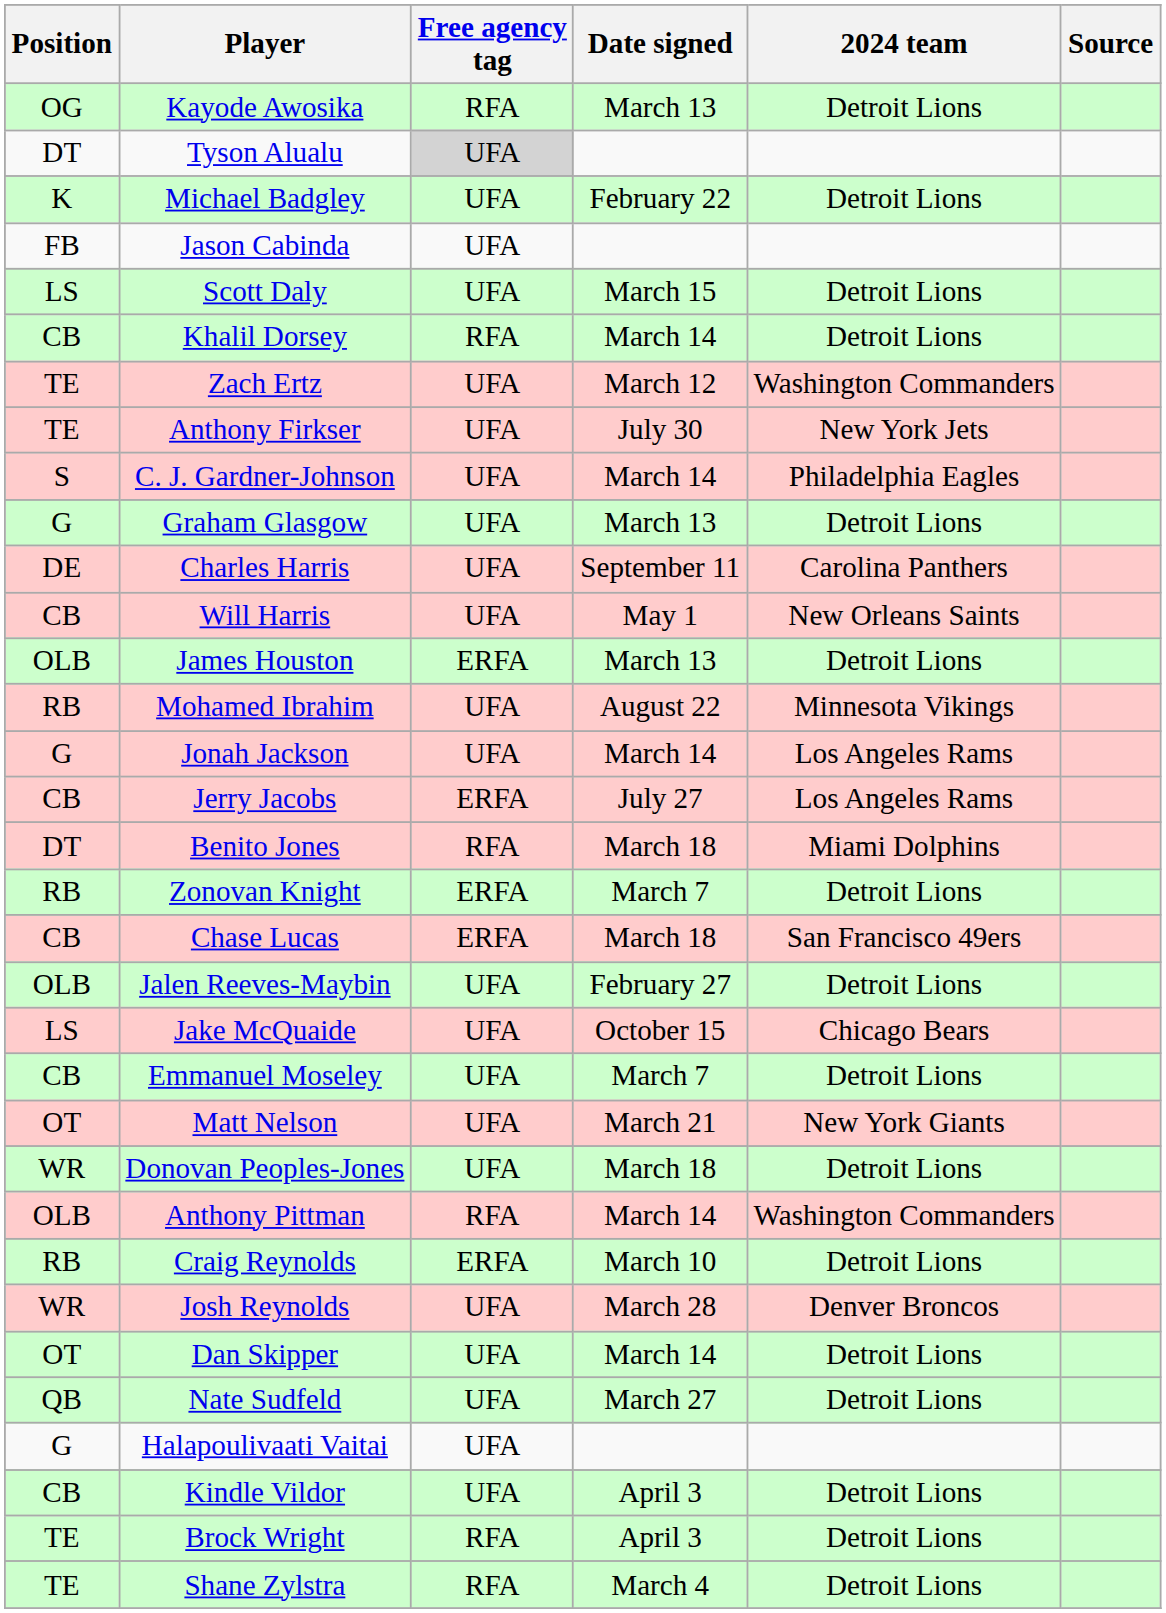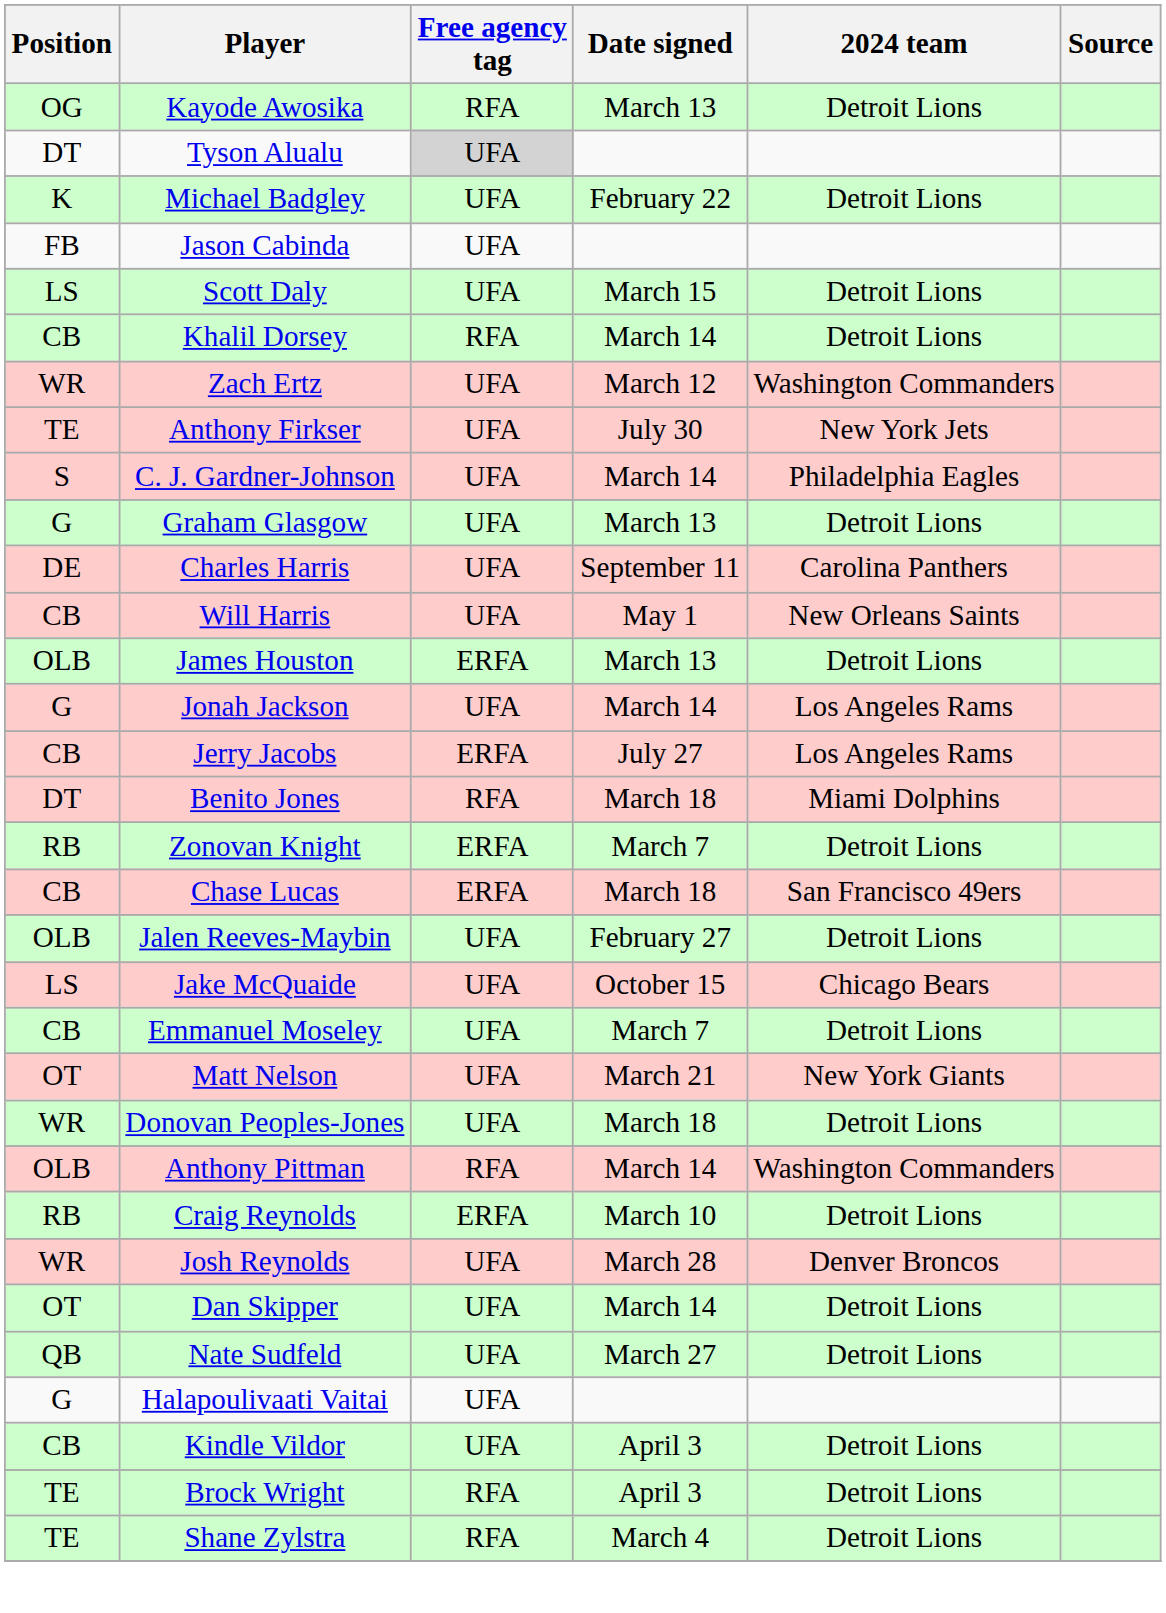 <table class="wikitable" style="text-align:center">
 <tr>
 <th>Position</th>
 <th>Player</th>
 <th><a href='#'><span>Free agency</span></a><br>tag</th>
 <th>Date signed</th>
 <th>2024 team</th>
 <th>Source</th>
 </tr>
 <tr bgcolor=ccffcc>
 <td>OG</td>
 <td><a href='#'>Kayode Awosika</a></td>
 <td>RFA</td>
 <td>March 13</td>
 <td>Detroit Lions</td>
 <td></td>
 </tr>
 <tr>
 <td>DT</td>
 <td><a href='#'>Tyson Alualu</a></td>
 <td style="background: lightgrey;">UFA</td>
 <td></td>
 <td></td>
 <td></td>
 </tr>
 <tr bgcolor=ccffcc>
 <td>K</td>
 <td><a href='#'>Michael Badgley</a></td>
 <td>UFA</td>
 <td>February 22</td>
 <td>Detroit Lions</td>
 <td></td>
 </tr>
 <tr>
 <td>FB</td>
 <td><a href='#'>Jason Cabinda</a></td>
 <td>UFA</td>
 <td></td>
 <td></td>
 <td></td>
 </tr>
 <tr bgcolor=ccffcc>
 <td>LS</td>
 <td><a href='#'>Scott Daly</a></td>
 <td>UFA</td>
 <td>March 15</td>
 <td>Detroit Lions</td>
 <td></td>
 </tr>
 <tr bgcolor=ccffcc>
 <td>CB</td>
 <td><a href='#'>Khalil Dorsey</a></td>
 <td>RFA</td>
 <td>March 14</td>
 <td>Detroit Lions</td>
 <td></td>
 </tr>
 <tr bgcolor=ffcccc>
-<td>TE</td>
+<td>WR</td>
 <td><a href='#'>Zach Ertz</a></td>
 <td>UFA</td>
 <td>March 12</td>
 <td>Washington Commanders</td>
 <td></td>
 </tr>
 <tr bgcolor=ffcccc>
 <td>TE</td>
 <td><a href='#'>Anthony Firkser</a></td>
 <td>UFA</td>
 <td>July 30</td>
 <td>New York Jets</td>
 <td></td>
 </tr>
 <tr bgcolor=ffcccc>
 <td>S</td>
 <td><a href='#'>C. J. Gardner-Johnson</a></td>
 <td>UFA</td>
 <td>March 14</td>
 <td>Philadelphia Eagles</td>
 <td></td>
 </tr>
 <tr bgcolor=ccffcc>
 <td>G</td>
 <td><a href='#'>Graham Glasgow</a></td>
 <td>UFA</td>
 <td>March 13</td>
 <td>Detroit Lions</td>
 <td></td>
 </tr>
 <tr bgcolor=ffcccc>
 <td>DE</td>
 <td><a href='#'>Charles Harris</a></td>
 <td>UFA</td>
 <td>September 11</td>
 <td>Carolina Panthers</td>
 <td></td>
 </tr>
 <tr bgcolor=ffcccc>
 <td>CB</td>
 <td><a href='#'>Will Harris</a></td>
 <td>UFA</td>
 <td>May 1</td>
 <td>New Orleans Saints</td>
 <td></td>
 </tr>
 <tr bgcolor=ccffcc>
 <td>OLB</td>
 <td><a href='#'>James Houston</a></td>
 <td>ERFA</td>
 <td>March 13</td>
 <td>Detroit Lions</td>
-<td></td>
-</tr>
-<tr bgcolor=ffcccc>
-<td>RB</td>
-<td><a href='#'>Mohamed Ibrahim</a></td>
-<td>UFA</td>
-<td>August 22</td>
-<td>Minnesota Vikings</td>
 <td></td>
 </tr>
 <tr bgcolor=ffcccc>
 <td>G</td>
 <td><a href='#'>Jonah Jackson</a></td>
 <td>UFA</td>
 <td>March 14</td>
 <td>Los Angeles Rams</td>
 <td></td>
 </tr>
 <tr bgcolor=ffcccc>
 <td>CB</td>
 <td><a href='#'>Jerry Jacobs</a></td>
 <td>ERFA</td>
 <td>July 27</td>
 <td>Los Angeles Rams</td>
 <td></td>
 </tr>
 <tr bgcolor=ffcccc>
 <td>DT</td>
 <td><a href='#'>Benito Jones</a></td>
 <td>RFA</td>
 <td>March 18</td>
 <td>Miami Dolphins</td>
 <td></td>
 </tr>
 <tr bgcolor=ccffcc>
 <td>RB</td>
 <td><a href='#'>Zonovan Knight</a></td>
 <td>ERFA</td>
 <td>March 7</td>
 <td>Detroit Lions</td>
 <td></td>
 </tr>
 <tr bgcolor=ffcccc>
 <td>CB</td>
 <td><a href='#'>Chase Lucas</a></td>
 <td>ERFA</td>
 <td>March 18</td>
 <td>San Francisco 49ers</td>
 <td></td>
 </tr>
 <tr bgcolor=ccffcc>
 <td>OLB</td>
 <td><a href='#'>Jalen Reeves-Maybin</a></td>
 <td>UFA</td>
 <td>February 27</td>
 <td>Detroit Lions</td>
 <td></td>
 </tr>
 <tr bgcolor=ffcccc>
 <td>LS</td>
 <td><a href='#'>Jake McQuaide</a></td>
 <td>UFA</td>
 <td>October 15</td>
 <td>Chicago Bears</td>
 <td></td>
 </tr>
 <tr bgcolor=ccffcc>
 <td>CB</td>
 <td><a href='#'>Emmanuel Moseley</a></td>
 <td>UFA</td>
 <td>March 7</td>
 <td>Detroit Lions</td>
 <td></td>
 </tr>
 <tr bgcolor=ffcccc>
 <td>OT</td>
 <td><a href='#'>Matt Nelson</a></td>
 <td>UFA</td>
 <td>March 21</td>
 <td>New York Giants</td>
 <td></td>
 </tr>
 <tr bgcolor=ccffcc>
 <td>WR</td>
 <td><a href='#'>Donovan Peoples-Jones</a></td>
 <td>UFA</td>
 <td>March 18</td>
 <td>Detroit Lions</td>
 <td></td>
 </tr>
 <tr bgcolor=ffcccc>
 <td>OLB</td>
 <td><a href='#'>Anthony Pittman</a></td>
 <td>RFA</td>
 <td>March 14</td>
 <td>Washington Commanders</td>
 <td></td>
 </tr>
 <tr bgcolor=ccffcc>
 <td>RB</td>
 <td><a href='#'>Craig Reynolds</a></td>
 <td>ERFA</td>
 <td>March 10</td>
 <td>Detroit Lions</td>
 <td></td>
 </tr>
 <tr bgcolor=ffcccc>
 <td>WR</td>
 <td><a href='#'>Josh Reynolds</a></td>
 <td>UFA</td>
 <td>March 28</td>
 <td>Denver Broncos</td>
 <td></td>
 </tr>
 <tr bgcolor=ccffcc>
 <td>OT</td>
 <td><a href='#'>Dan Skipper</a></td>
 <td>UFA</td>
 <td>March 14</td>
 <td>Detroit Lions</td>
 <td></td>
 </tr>
 <tr bgcolor=ccffcc>
 <td>QB</td>
 <td><a href='#'>Nate Sudfeld</a></td>
 <td>UFA</td>
 <td>March 27</td>
 <td>Detroit Lions</td>
 <td></td>
 </tr>
 <tr>
 <td>G</td>
 <td><a href='#'>Halapoulivaati Vaitai</a></td>
 <td>UFA</td>
 <td></td>
 <td></td>
 <td></td>
 </tr>
 <tr bgcolor=ccffcc>
 <td>CB</td>
 <td><a href='#'>Kindle Vildor</a></td>
 <td>UFA</td>
 <td>April 3</td>
 <td>Detroit Lions</td>
 <td></td>
 </tr>
 <tr bgcolor=ccffcc>
 <td>TE</td>
 <td><a href='#'>Brock Wright</a></td>
 <td>RFA</td>
 <td>April 3</td>
 <td>Detroit Lions</td>
 <td></td>
 </tr>
 <tr bgcolor=ccffcc>
 <td>TE</td>
 <td><a href='#'>Shane Zylstra</a></td>
 <td>RFA</td>
 <td>March 4</td>
 <td>Detroit Lions</td>
 <td></td>
 </tr>
 <tr>
 </tr>
 </table>
